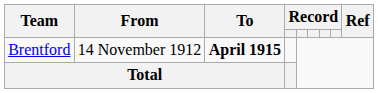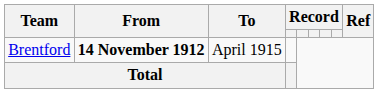 <table class="wikitable" style="text-align: center">
 <tr>
 <th rowspan=2>Team</th>
 <th rowspan=2>From</th>
 <th rowspan=2>To</th>
 <th colspan=5>Record</th>
 <th rowspan="2">Ref</th>
 </tr>
 <tr>
 <th></th>
 <th></th>
 <th></th>
 <th></th>
 <th></th>
 </tr>
 <tr>
 <td align=left><a href='#'>Brentford</a></td>
-<td align=left>14 November 1912</td>
-<td align=left><strong>April 1915<br></strong></td>
+<td align=left><strong>14 November 1912</strong></td>
+<td align=left>April 1915<br></td>
 <td></td>
 </tr>
 <tr>
 <th colspan=3>Total<br></th>
 <th></th>
 </tr>
 </table>
